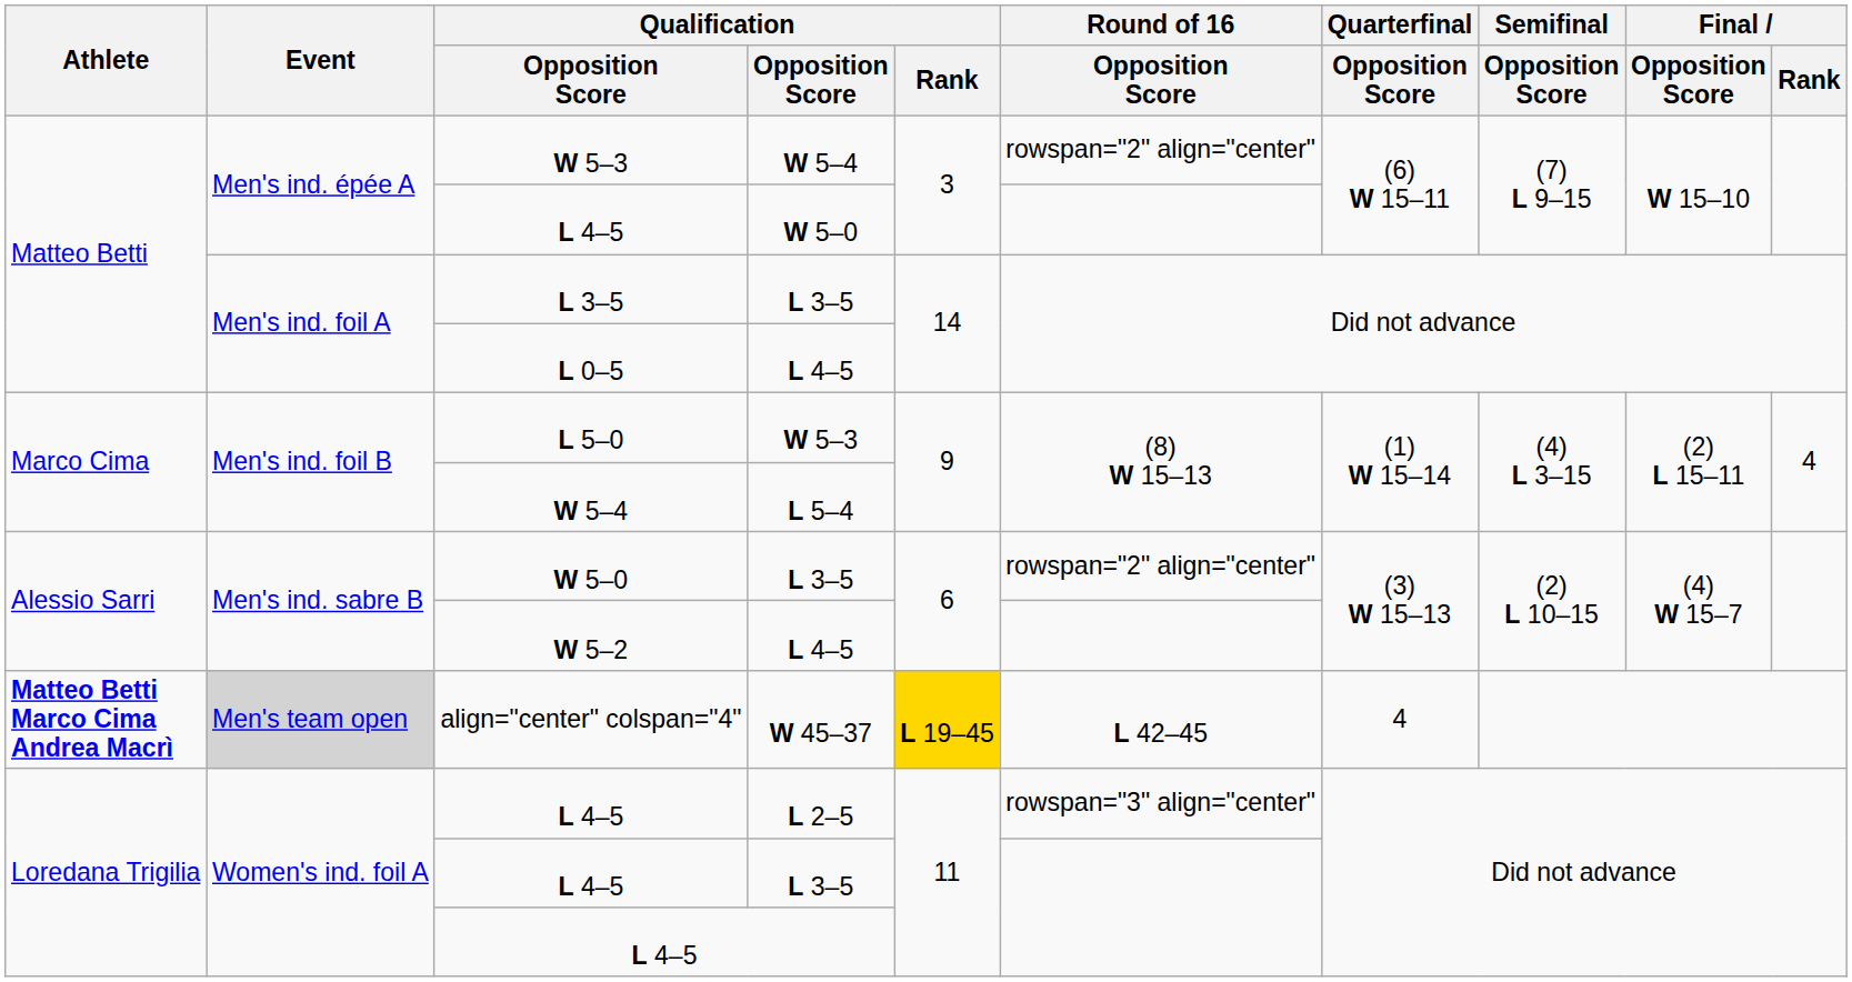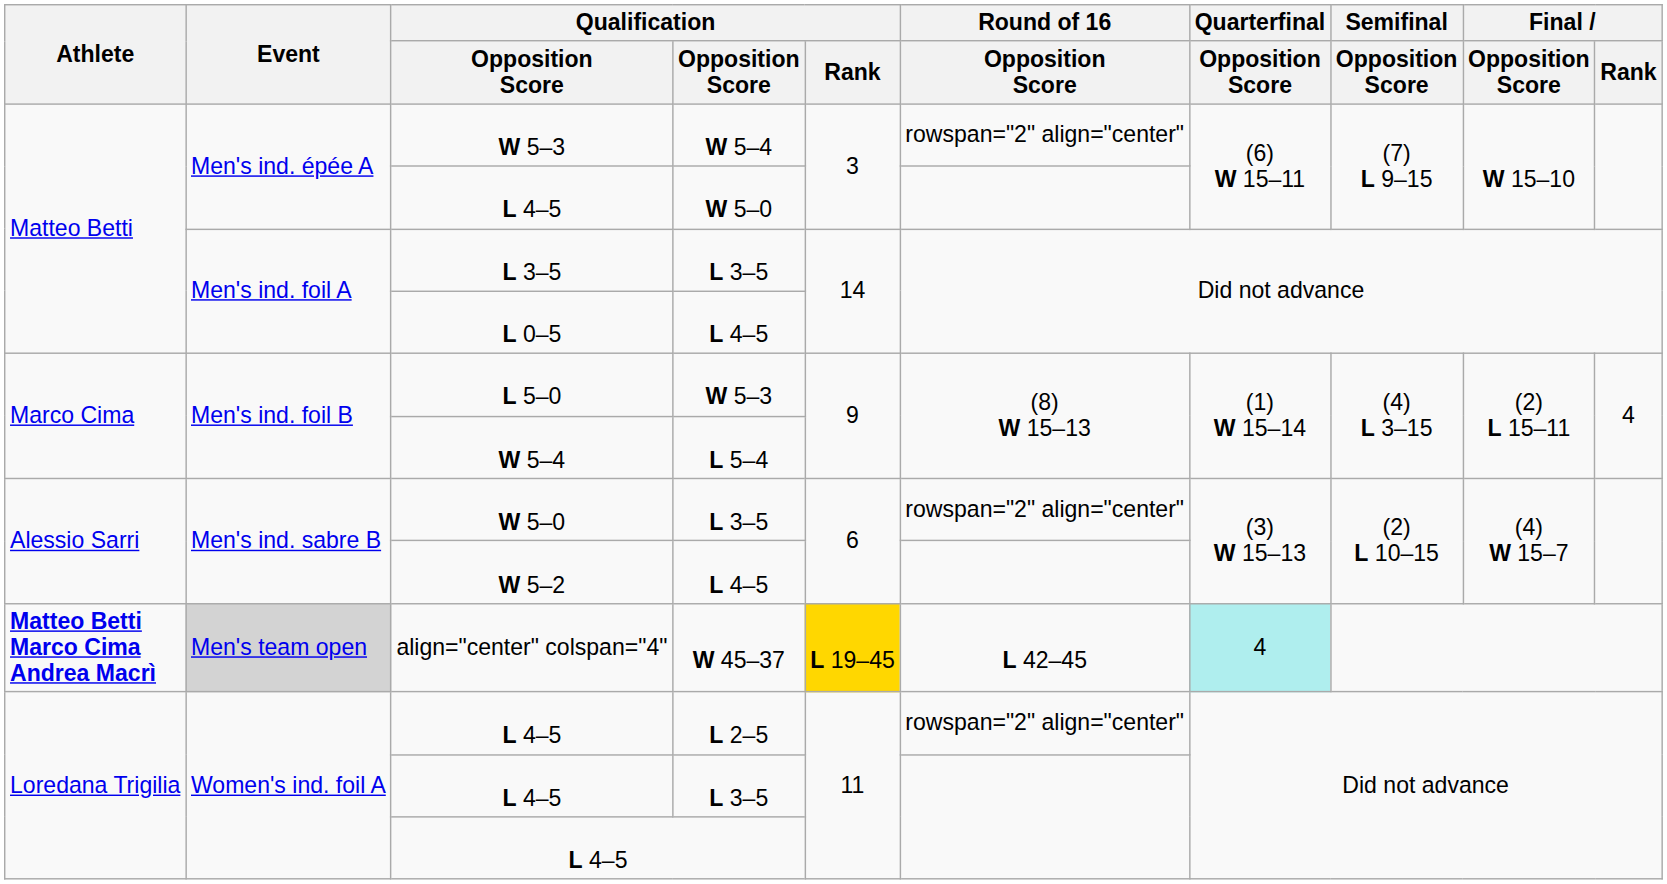 <table class=wikitable>
 <tr>
 <th rowspan="2">Athlete</th>
 <th rowspan="2">Event</th>
 <th colspan="3">Qualification</th>
 <th>Round of 16</th>
 <th>Quarterfinal</th>
 <th>Semifinal</th>
 <th colspan="2">Final / </th>
 </tr>
 <tr>
 <th>Opposition<br>Score</th>
 <th>Opposition<br>Score</th>
 <th>Rank</th>
 <th>Opposition<br>Score</th>
 <th>Opposition<br>Score</th>
 <th>Opposition<br>Score</th>
 <th>Opposition<br>Score</th>
 <th>Rank</th>
 </tr>
 <tr>
 <td rowspan="4"><a href='#'>Matteo Betti</a></td>
 <td rowspan="2"><a href='#'>Men's ind. épée A</a></td>
 <td align="center"><br><strong>W</strong> 5–3</td>
 <td align="center"><br><strong>W</strong> 5–4</td>
 <td rowspan="2" align="center">3</td>
 <td>rowspan="2" align="center" </td>
 <td rowspan="2" align="center"> (6)<br><strong>W</strong> 15–11</td>
 <td rowspan="2" align="center"> (7)<br><strong>L</strong> 9–15</td>
 <td rowspan="2" align="center"><br><strong>W</strong> 15–10</td>
 <td rowspan="2" align="center"></td>
 </tr>
 <tr>
 <td align="center"><br><strong>L</strong> 4–5</td>
 <td align="center"><br><strong>W</strong> 5–0</td>
 </tr>
 <tr>
 <td rowspan="2"><a href='#'>Men's ind. foil A</a></td>
 <td align="center"><br><strong>L</strong> 3–5</td>
 <td align="center"><br><strong>L</strong> 3–5</td>
 <td rowspan="2" align="center">14</td>
 <td rowspan="2" align="center" colspan="5">Did not advance</td>
 </tr>
 <tr align="center">
 <td><br><strong>L</strong> 0–5</td>
 <td><br><strong>L</strong> 4–5</td>
 </tr>
 <tr>
 <td rowspan="2"><a href='#'>Marco Cima</a></td>
 <td rowspan="2"><a href='#'>Men's ind. foil B</a></td>
 <td align="center"><br><strong>L</strong> 5–0</td>
 <td align="center"><br><strong>W</strong> 5–3</td>
 <td rowspan="2" align="center">9</td>
 <td rowspan="2" align="center"> (8)<br><strong>W</strong> 15–13</td>
 <td rowspan="2" align="center"> (1)<br><strong>W</strong> 15–14</td>
 <td rowspan="2" align="center"> (4)<br><strong>L</strong> 3–15</td>
 <td rowspan="2" align="center"> (2)<br><strong>L</strong> 15–11</td>
 <td rowspan="2" align="center">4</td>
 </tr>
 <tr>
 <td align="center"><br><strong>W</strong> 5–4</td>
 <td align="center"><br><strong>L</strong> 5–4</td>
 </tr>
 <tr>
 <td rowspan="2"><a href='#'>Alessio Sarri</a></td>
 <td rowspan="2"><a href='#'>Men's ind. sabre B</a></td>
 <td align="center"><br><strong>W</strong> 5–0</td>
 <td align="center"><br><strong>L</strong> 3–5</td>
 <td rowspan="2" align="center">6</td>
 <td>rowspan="2" align="center" </td>
 <td rowspan="2" align="center"> (3)<br><strong>W</strong> 15–13</td>
 <td rowspan="2" align="center"> (2)<br><strong>L</strong> 10–15</td>
 <td rowspan="2" align="center"> (4)<br><strong>W</strong> 15–7</td>
 <td rowspan="2" align="center"></td>
 </tr>
 <tr>
 <td align="center"><br><strong>W</strong> 5–2</td>
 <td align="center"><br><strong>L</strong> 4–5</td>
 </tr>
 <tr>
 <td><strong><a href='#'>Matteo Betti</a><br><a href='#'>Marco Cima</a><br><a href='#'>Andrea Macrì</a></strong></td>
 <td style="background: lightgrey;"><a href='#'>Men's team open</a></td>
 <td>align="center" colspan="4" </td>
 <td align="center"><br><strong>W</strong> 45–37</td>
 <td align="center" style="background: gold;"><br><strong>L</strong> 19–45</td>
 <td align="center"><br><strong>L</strong> 42–45</td>
-<td align="center">4</td>
+<td align="center" style="background: paleturquoise;">4</td>
 </tr>
 <tr>
 <td rowspan="3"><a href='#'>Loredana Trigilia</a></td>
 <td rowspan="3"><a href='#'>Women's ind. foil A</a></td>
 <td align="center"><br><strong>L</strong> 4–5</td>
 <td align="center"><br><strong>L</strong> 2–5</td>
 <td rowspan="3" align="center">11</td>
-<td>rowspan="3" align="center" </td>
+<td>rowspan="2" align="center" </td>
 <td rowspan="3" align="center" colspan="4">Did not advance</td>
 </tr>
 <tr>
 <td align="center"><br><strong>L</strong> 4–5</td>
 <td align="center"><br><strong>L</strong> 3–5</td>
 </tr>
 <tr>
 <td align="center" colspan="2"><br><strong>L</strong> 4–5</td>
 </tr>
 </table>
